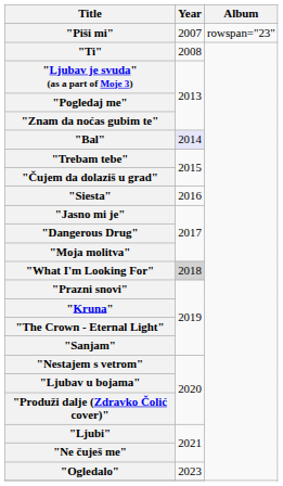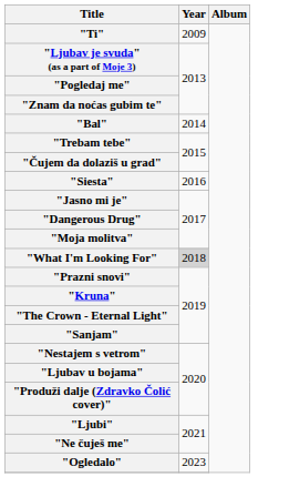 <table class="wikitable plainrowheaders" style="text-align:center;">
 <tr>
 <th scope="col" style="width:14em;">Title</th>
 <th scope="col" style="width:1em;">Year</th>
 <th scope="col">Album</th>
 </tr>
 <tr>
-<th scope="row">"Piši mi"</th>
-<td>2007</td>
-<td>rowspan="23" </td>
-</tr>
-<tr>
 <th scope="row">"Ti"</th>
-<td>2008</td>
+<td>2009</td>
 </tr>
 <tr>
 <th scope="row">"<a href='#'>Ljubav je svuda</a>"<br><small>(as a part of <a href='#'>Moje 3</a>)</small></th>
 <td rowspan="3">2013</td>
 </tr>
 <tr>
 <th scope="row">"Pogledaj me"</th>
 </tr>
 <tr>
 <th scope="row">"Znam da noćas gubim te"</th>
 </tr>
 <tr>
 <th scope="row">"Bal"</th>
-<td style="background: lavender;">2014</td>
+<td>2014</td>
 </tr>
 <tr>
 <th scope="row">"Trebam tebe"</th>
 <td rowspan="2">2015</td>
 </tr>
 <tr>
 <th scope="row">"Čujem da dolaziš u grad"</th>
 </tr>
 <tr>
 <th scope="row">"Siesta"</th>
 <td>2016</td>
 </tr>
 <tr>
 <th scope="row">"Jasno mi je"</th>
 <td rowspan="3">2017</td>
 </tr>
 <tr>
 <th scope="row">"Dangerous Drug"</th>
 </tr>
 <tr>
 <th scope="row">"Moja molitva"</th>
 </tr>
 <tr>
 <th scope="row">"What I'm Looking For"</th>
 <td style="background: lightgrey;">2018</td>
 </tr>
 <tr>
 <th scope="row">"Prazni snovi"</th>
 <td rowspan="4">2019</td>
 </tr>
 <tr>
 <th scope="row">"<a href='#'>Kruna</a>"</th>
 </tr>
 <tr>
 <th scope="row">"The Crown - Eternal Light"</th>
 </tr>
 <tr>
 <th scope="row">"Sanjam"</th>
 </tr>
 <tr>
 <th scope="row">"Nestajem s vetrom"</th>
 <td rowspan="3">2020</td>
 </tr>
 <tr>
 <th scope="row">"Ljubav u bojama"</th>
 </tr>
 <tr>
 <th scope="row">"Produži dalje (<a href='#'>Zdravko Čolić</a> cover)"</th>
 </tr>
 <tr>
 <th scope="row">"Ljubi"</th>
 <td rowspan="2">2021</td>
 </tr>
 <tr>
 <th scope="row">"Ne čuješ me"</th>
 </tr>
 <tr>
 <th scope="row">"Ogledalo"</th>
 <td>2023</td>
 </tr>
 <tr>
 </tr>
 </table>
